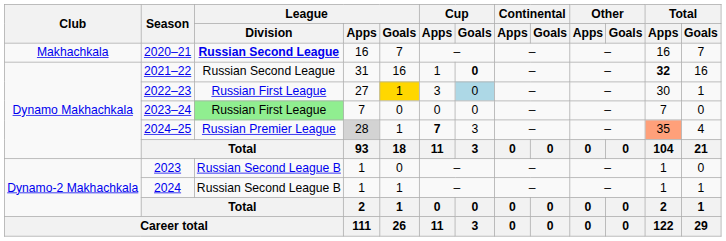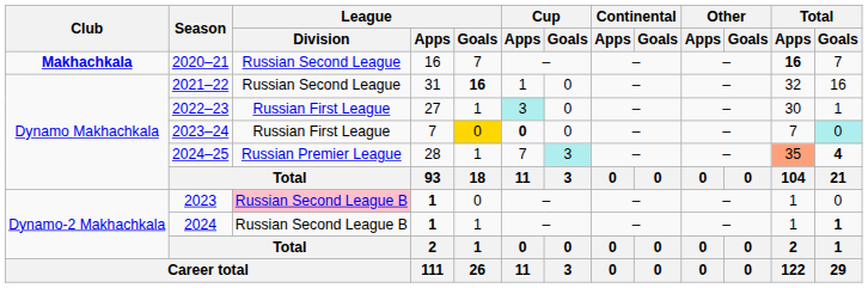 <table class="wikitable" style="text-align: center;">
 <tr>
 <th rowspan=2>Club</th>
 <th rowspan=2>Season</th>
 <th colspan=3>League</th>
 <th colspan=2>Cup</th>
 <th colspan=2>Continental</th>
 <th colspan=2>Other</th>
 <th colspan=2>Total</th>
 </tr>
 <tr>
 <th>Division</th>
 <th>Apps</th>
 <th>Goals</th>
 <th>Apps</th>
 <th>Goals</th>
 <th>Apps</th>
 <th>Goals</th>
 <th>Apps</th>
 <th>Goals</th>
 <th>Apps</th>
 <th>Goals</th>
 </tr>
 <tr>
-<td><a href='#'>Makhachkala</a></td>
+<td><strong><a href='#'>Makhachkala</a></strong></td>
 <td><a href='#'>2020–21</a></td>
-<td><strong><a href='#'>Russian Second League</a></strong></td>
+<td><a href='#'>Russian Second League</a></td>
 <td>16</td>
 <td>7</td>
 <td colspan=2>–</td>
 <td colspan=2>–</td>
 <td colspan=2>–</td>
-<td>16</td>
+<td><strong>16</strong></td>
 <td>7</td>
 </tr>
 <tr>
 <td rowspan="5"><a href='#'>Dynamo Makhachkala</a></td>
 <td><a href='#'>2021–22</a></td>
 <td>Russian Second League</td>
 <td>31</td>
-<td>16</td>
+<td><strong>16</strong></td>
 <td>1</td>
-<td><strong>0</strong></td>
+<td>0</td>
 <td colspan=2>–</td>
 <td colspan=2>–</td>
-<td><strong>32</strong></td>
+<td>32</td>
 <td>16</td>
 </tr>
 <tr>
 <td><a href='#'>2022–23</a></td>
 <td><a href='#'>Russian First League</a></td>
 <td>27</td>
-<td style="background: gold;">1</td>
-<td>3</td>
-<td style="background: lightblue;">0</td>
+<td>1</td>
+<td style="background: paleturquoise;">3</td>
+<td>0</td>
 <td colspan=2>–</td>
 <td colspan=2>–</td>
 <td>30</td>
 <td>1</td>
 </tr>
 <tr>
 <td><a href='#'>2023–24</a></td>
-<td style="background: lightgreen;">Russian First League</td>
+<td>Russian First League</td>
 <td>7</td>
-<td>0</td>
-<td>0</td>
+<td style="background: gold;">0</td>
+<td><strong>0</strong></td>
 <td>0</td>
 <td colspan=2>–</td>
 <td colspan=2>–</td>
 <td>7</td>
-<td>0</td>
+<td style="background: paleturquoise;">0</td>
 </tr>
 <tr>
 <td><a href='#'>2024–25</a></td>
 <td><a href='#'>Russian Premier League</a></td>
-<td style="background: lightgrey;">28</td>
+<td>28</td>
 <td>1</td>
-<td><strong>7</strong></td>
-<td>3</td>
+<td>7</td>
+<td style="background: paleturquoise;">3</td>
 <td colspan=2>–</td>
 <td colspan=2>–</td>
 <td style="background: lightsalmon;">35</td>
-<td>4</td>
+<td><strong>4</strong></td>
 </tr>
 <tr>
 <th colspan=2>Total</th>
 <th>93</th>
 <th>18</th>
 <th>11</th>
 <th>3</th>
 <th>0</th>
 <th>0</th>
 <th>0</th>
 <th>0</th>
 <th>104</th>
 <th>21</th>
 </tr>
 <tr>
 <td rowspan="3"><a href='#'>Dynamo-2 Makhachkala</a></td>
 <td><a href='#'>2023</a></td>
-<td><a href='#'>Russian Second League B</a></td>
-<td>1</td>
+<td style="background: pink;"><a href='#'>Russian Second League B</a></td>
+<td><strong>1</strong></td>
 <td>0</td>
 <td colspan=2>–</td>
 <td colspan=2>–</td>
 <td colspan=2>–</td>
 <td>1</td>
 <td>0</td>
 </tr>
 <tr>
 <td><a href='#'>2024</a></td>
 <td>Russian Second League B</td>
-<td>1</td>
+<td><strong>1</strong></td>
 <td>1</td>
 <td colspan=2>–</td>
 <td colspan=2>–</td>
 <td colspan=2>–</td>
 <td>1</td>
-<td>1</td>
+<td><strong>1</strong></td>
 </tr>
 <tr>
 <th colspan=2>Total</th>
 <th>2</th>
 <th>1</th>
 <th>0</th>
 <th>0</th>
 <th>0</th>
 <th>0</th>
 <th>0</th>
 <th>0</th>
 <th>2</th>
 <th>1</th>
 </tr>
 <tr>
 <th colspan=3>Career total</th>
 <th>111</th>
 <th>26</th>
 <th>11</th>
 <th>3</th>
 <th>0</th>
 <th>0</th>
 <th>0</th>
 <th>0</th>
 <th>122</th>
 <th>29</th>
 </tr>
 </table>
